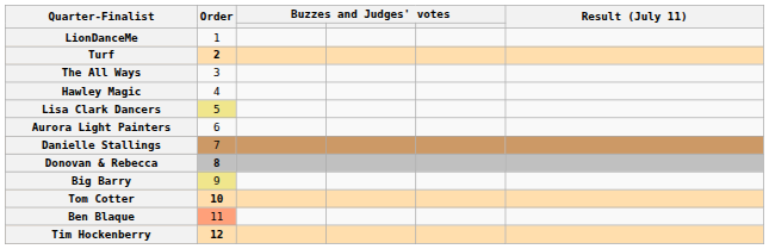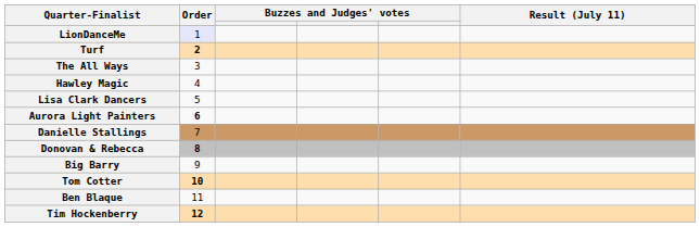 <table class="wikitable plainrowheaders sortable" style="text-align:center;">
 <tr>
 <th scope="col" rowspan="2" class="unsortable" style="width:17em;">Quarter-Finalist</th>
 <th scope="col" rowspan="2" style="width:1em;">Order</th>
 <th scope="col" colspan="3" class="unsortable" style="width:24em;">Buzzes and Judges' votes</th>
 <th scope="col" rowspan="2" style="width:23em;">Result (July 11)</th>
 </tr>
 <tr>
 <th scope="col" class="unsortable" style="width:6em;"></th>
 <th scope="col" class="unsortable" style="width:6em;"></th>
 <th scope="col" class="unsortable" style="width:6em;"></th>
 </tr>
 <tr>
 <th scope="row">LionDanceMe</th>
-<td>1</td>
+<td style="background: lavender;">1</td>
 <td style="text-align:center;"></td>
 <td style="text-align:center;"></td>
 <td style="text-align:center;"></td>
 <td></td>
 </tr>
 <tr style="background:NavajoWhite;">
 <th scope="row"><strong>Turf</strong></th>
 <td><strong>2</strong></td>
 <td style="text-align:center;"></td>
 <td style="text-align:center;"></td>
 <td style="text-align:center;"></td>
 <td><strong></strong></td>
 </tr>
 <tr>
 <th scope="row">The All Ways</th>
 <td>3</td>
 <td style="text-align:center;"></td>
 <td style="text-align:center;"></td>
 <td style="text-align:center;"></td>
 <td></td>
 </tr>
 <tr>
 <th scope="row">Hawley Magic</th>
 <td>4</td>
 <td style="text-align:center;"></td>
 <td style="text-align:center;"></td>
 <td style="text-align:center;"></td>
 <td></td>
 </tr>
 <tr>
 <th scope="row">Lisa Clark Dancers</th>
-<td style="background: khaki;">5</td>
+<td>5</td>
 <td style="text-align:center;"></td>
 <td style="text-align:center;"></td>
 <td style="text-align:center;"></td>
 <td></td>
 </tr>
 <tr>
 <th scope="row">Aurora Light Painters</th>
-<td>6</td>
+<td><strong>6</strong></td>
 <td style="text-align:center;"></td>
 <td style="text-align:center;"></td>
 <td style="text-align:center;"></td>
 <td></td>
 </tr>
 <tr style="background:#c96;">
 <th scope="row">Danielle Stallings</th>
 <td>7</td>
 <td style="text-align:center;"></td>
 <td style="text-align:center;"></td>
 <td style="text-align:center;"></td>
 <td></td>
 </tr>
 <tr style="background:silver;">
 <th scope="row"><strong>Donovan & Rebecca</strong></th>
 <td><strong>8</strong></td>
 <td style="text-align:center;"></td>
 <td style="text-align:center;"></td>
 <td style="text-align:center;"></td>
 <td><strong></strong></td>
 </tr>
 <tr>
 <th scope="row">Big Barry</th>
-<td style="background: khaki;">9</td>
+<td>9</td>
 <td style="text-align:center;"></td>
 <td style="text-align:center;"></td>
 <td style="text-align:center;"></td>
 <td></td>
 </tr>
 <tr style="background:NavajoWhite;">
 <th scope="row"><strong>Tom Cotter</strong></th>
 <td><strong>10</strong></td>
 <td style="text-align:center;"></td>
 <td style="text-align:center;"></td>
 <td style="text-align:center;"></td>
 <td><strong></strong></td>
 </tr>
 <tr>
 <th scope="row">Ben Blaque</th>
-<td style="background: lightsalmon;">11</td>
+<td>11</td>
 <td style="text-align:center;"></td>
 <td style="text-align:center;"></td>
 <td style="text-align:center;"></td>
 <td></td>
 </tr>
 <tr style="background:NavajoWhite;">
 <th scope="row"><strong>Tim Hockenberry</strong></th>
 <td><strong>12</strong></td>
 <td style="text-align:center;"></td>
 <td style="text-align:center;"></td>
 <td style="text-align:center;"></td>
 <td><strong></strong></td>
 </tr>
 </table>
